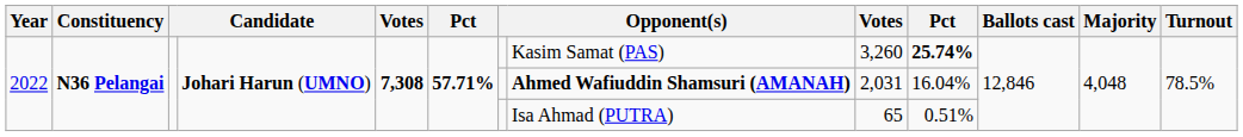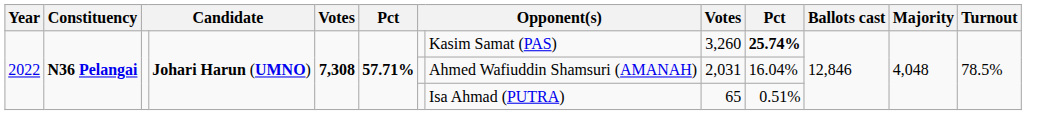 <table class="wikitable" style="margin:0.5em ; font-size:95%">
 <tr>
 <th>Year</th>
 <th>Constituency</th>
 <th colspan=2>Candidate</th>
 <th>Votes</th>
 <th>Pct</th>
 <th colspan=2>Opponent(s)</th>
 <th>Votes</th>
 <th>Pct</th>
 <th>Ballots cast</th>
 <th>Majority</th>
 <th>Turnout</th>
 </tr>
 <tr>
 <td rowspan=3><a href='#'>2022</a></td>
 <td rowspan=3><strong>N36 <a href='#'>Pelangai</a></strong></td>
 <td rowspan=3 ></td>
 <td rowspan=3><strong>Johari Harun</strong> (<a href='#'><strong>UMNO</strong></a>)</td>
 <td rowspan=3 align="right"><strong>7,308</strong></td>
 <td rowspan=3><strong>57.71%</strong></td>
 <td bgcolor=></td>
 <td>Kasim Samat (<a href='#'>PAS</a>)</td>
 <td align="right">3,260</td>
 <td><strong>25.74%</strong></td>
 <td rowspan=3>12,846</td>
 <td rowspan=3>4,048</td>
 <td rowspan=3>78.5%</td>
 </tr>
 <tr>
 <td></td>
-<td><strong>Ahmed Wafiuddin Shamsuri (<a href='#'>AMANAH</a>)</strong></td>
+<td>Ahmed Wafiuddin Shamsuri (<a href='#'>AMANAH</a>)</td>
 <td align="right">2,031</td>
 <td>16.04%</td>
 </tr>
 <tr>
 <td></td>
 <td>Isa Ahmad (<a href='#'>PUTRA</a>)</td>
 <td align="right">65</td>
 <td align="right">0.51%</td>
 </tr>
 </table>
